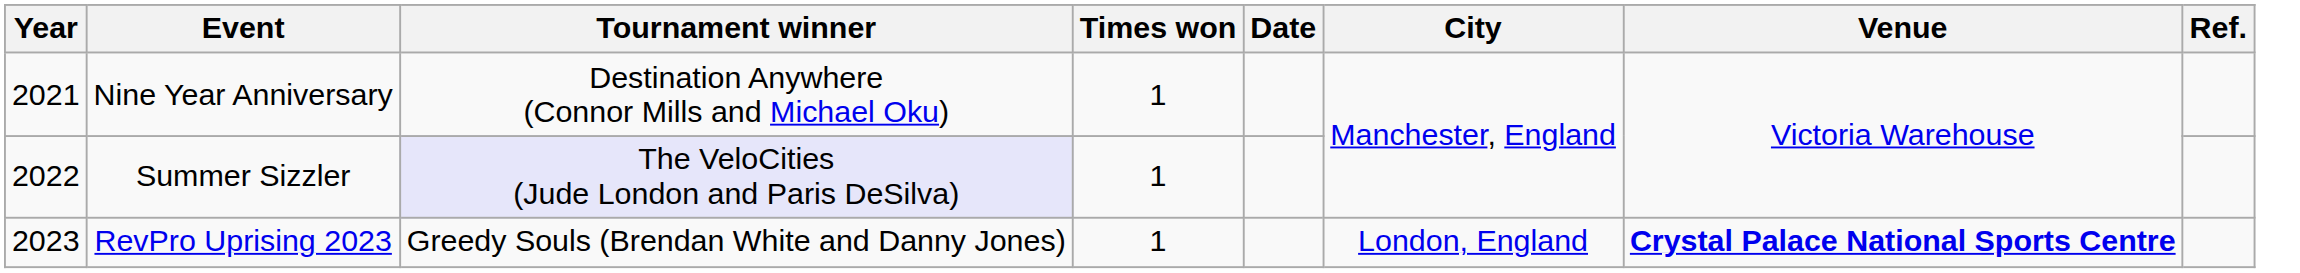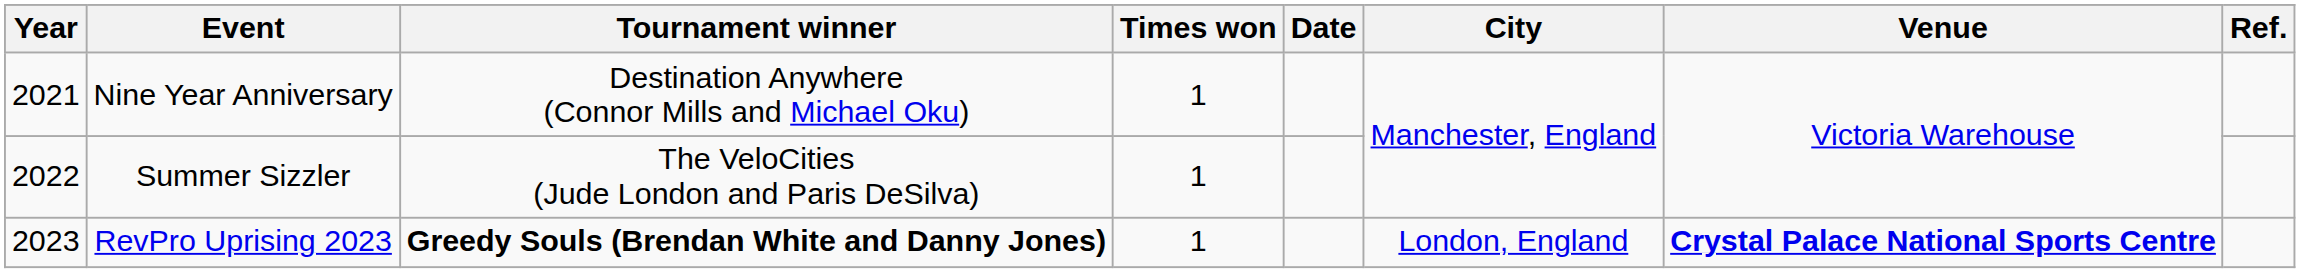 <table class="sortable wikitable succession-box" style="font-size:100%; text-align:center;">
 <tr>
 <th>Year</th>
 <th>Event</th>
 <th>Tournament winner</th>
 <th>Times won</th>
 <th>Date</th>
 <th>City</th>
 <th>Venue</th>
 <th>Ref.</th>
 </tr>
 <tr>
 <td>2021</td>
 <td>Nine Year Anniversary</td>
 <td>Destination Anywhere<br>(Connor Mills and <a href='#'>Michael Oku</a>)</td>
 <td>1</td>
 <td></td>
 <td rowspan="2"><a href='#'>Manchester</a>, <a href='#'>England</a></td>
 <td rowspan="2"><a href='#'>Victoria Warehouse</a></td>
 <td></td>
 </tr>
 <tr>
 <td>2022</td>
 <td>Summer Sizzler</td>
-<td style="background: lavender;">The VeloCities<br>(Jude London and Paris DeSilva)</td>
+<td>The VeloCities<br>(Jude London and Paris DeSilva)</td>
 <td>1</td>
 <td></td>
 <td></td>
 </tr>
 <tr>
 <td>2023</td>
 <td><a href='#'>RevPro Uprising 2023</a></td>
-<td>Greedy Souls (Brendan White and Danny Jones)</td>
+<td><strong>Greedy Souls (Brendan White and Danny Jones)</strong></td>
 <td>1</td>
 <td></td>
 <td><a href='#'>London, England</a></td>
 <td><strong><a href='#'>Crystal Palace National Sports Centre</a></strong></td>
 <td></td>
 </tr>
 </table>
